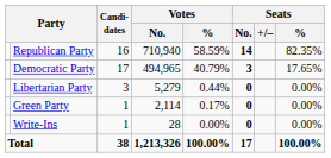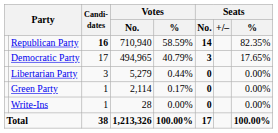 <table class="wikitable" style="font-size:100%; text-align:right;">
 <tr>
 <th colspan=2 rowspan=2>Party</th>
 <th rowspan=2><small>Candi-<br>dates</small></th>
 <th colspan=2>Votes</th>
 <th colspan=3>Seats</th>
 </tr>
 <tr>
 <th>No.</th>
 <th>%</th>
 <th>No.</th>
 <th>+/–</th>
 <th>%</th>
 </tr>
 <tr>
 <td style="background:"></td>
 <td align=left><a href='#'>Republican Party</a></td>
-<td>16</td>
+<td><strong>16</strong></td>
 <td>710,940</td>
 <td>58.59%</td>
 <td><strong>14</strong></td>
 <td></td>
 <td>82.35%</td>
 </tr>
 <tr>
 <td style="background:"></td>
 <td align=left><a href='#'>Democratic Party</a></td>
 <td>17</td>
 <td>494,965</td>
 <td>40.79%</td>
 <td><strong>3</strong></td>
 <td></td>
 <td>17.65%</td>
 </tr>
 <tr>
 <td style="background:"></td>
 <td align=left><a href='#'>Libertarian Party</a></td>
 <td>3</td>
 <td>5,279</td>
 <td>0.44%</td>
 <td><strong>0</strong></td>
 <td></td>
 <td>0.00%</td>
 </tr>
 <tr>
 <td style="background:"></td>
 <td align=left><a href='#'>Green Party</a></td>
 <td>1</td>
 <td>2,114</td>
 <td>0.17%</td>
 <td><strong>0</strong></td>
 <td></td>
 <td>0.00%</td>
 </tr>
 <tr>
 <td style="background:"></td>
 <td align=left><a href='#'>Write-Ins</a></td>
 <td>1</td>
 <td>28</td>
 <td>0.00%</td>
 <td><strong>0</strong></td>
 <td></td>
 <td>0.00%</td>
 </tr>
 <tr style="font-weight:bold">
 <td colspan=2 align=left>Total</td>
 <td>38</td>
 <td>1,213,326</td>
 <td>100.00%</td>
 <td>17</td>
 <td></td>
 <td>100.00%</td>
 </tr>
 </table>
